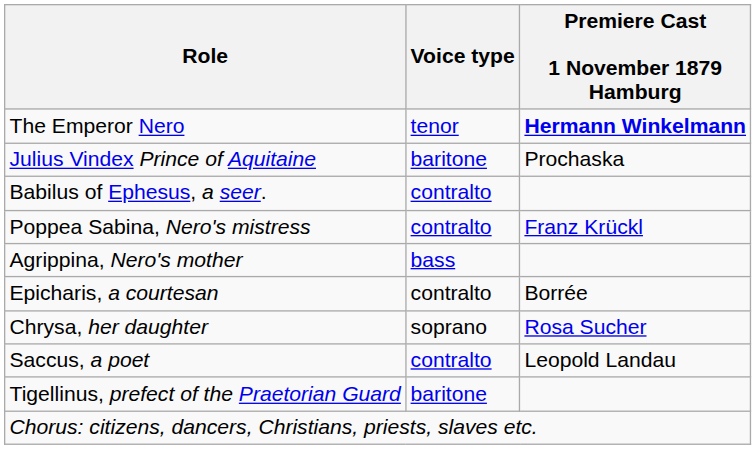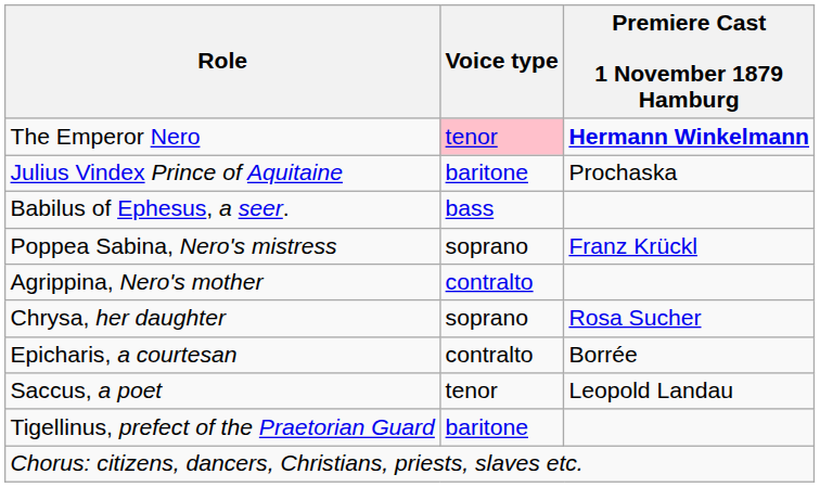 <table class="wikitable">
 <tr>
 <th>Role</th>
 <th>Voice type</th>
 <th>Premiere Cast<br><br>1 November 1879<br> Hamburg</th>
 </tr>
 <tr>
 <td>The Emperor <a href='#'>Nero</a></td>
-<td><a href='#'>tenor</a></td>
+<td style="background: pink;"><a href='#'>tenor</a></td>
 <td><strong><a href='#'>Hermann Winkelmann</a></strong></td>
 </tr>
 <tr>
 <td><a href='#'>Julius Vindex</a> <em>Prince of <a href='#'>Aquitaine</a></em></td>
 <td><a href='#'>baritone</a></td>
 <td>Prochaska</td>
 </tr>
 <tr>
 <td>Babilus of <a href='#'>Ephesus</a>, <em>a <a href='#'>seer</a></em>.</td>
+<td><a href='#'>bass</a></td>
+<td></td>
+</tr>
+<tr>
+<td>Poppea Sabina, <em>Nero's mistress</em></td>
+<td>soprano</td>
+<td><a href='#'>Franz Krückl</a></td>
+</tr>
+<tr>
+<td>Agrippina, <em>Nero's mother</em></td>
 <td><a href='#'>contralto</a></td>
 <td></td>
 </tr>
 <tr>
-<td>Poppea Sabina, <em>Nero's mistress</em></td>
-<td><a href='#'>contralto</a></td>
-<td><a href='#'>Franz Krückl</a></td>
-</tr>
-<tr>
-<td>Agrippina, <em>Nero's mother</em></td>
-<td><a href='#'>bass</a></td>
-<td></td>
+<td>Chrysa, <em>her daughter</em></td>
+<td>soprano</td>
+<td><a href='#'>Rosa Sucher</a></td>
 </tr>
 <tr>
 <td>Epicharis, <em>a courtesan</em></td>
 <td>contralto</td>
 <td>Borrée</td>
 </tr>
 <tr>
-<td>Chrysa, <em>her daughter</em></td>
-<td>soprano</td>
-<td><a href='#'>Rosa Sucher</a></td>
-</tr>
-<tr>
 <td>Saccus, <em>a poet</em></td>
-<td><a href='#'>contralto</a></td>
+<td>tenor</td>
 <td>Leopold Landau</td>
 </tr>
 <tr>
 <td>Tigellinus, <em>prefect of the <a href='#'>Praetorian Guard</a></em></td>
 <td><a href='#'>baritone</a></td>
 <td></td>
 </tr>
 <tr>
 <td colspan="3"><em>Chorus: citizens, dancers, Christians, priests, slaves etc.</em></td>
 </tr>
 </table>
